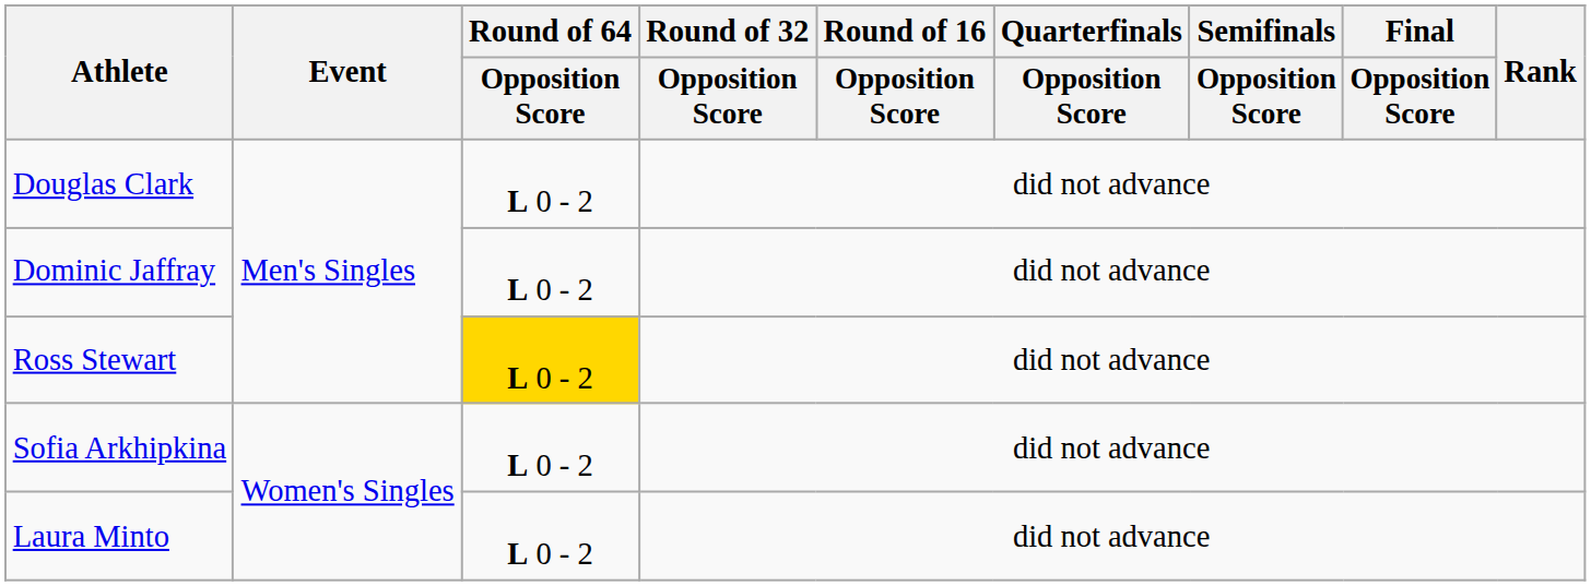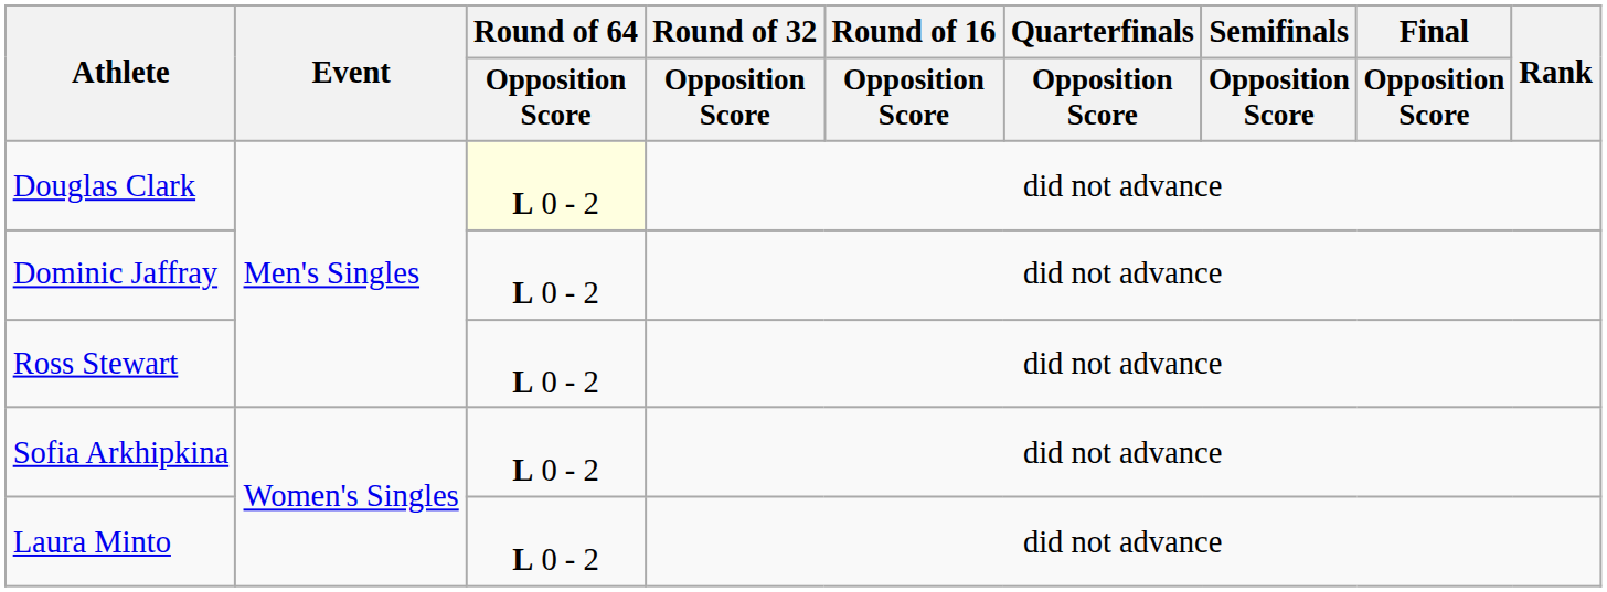 <table class=wikitable style="font-size:90%">
 <tr>
 <th rowspan="2">Athlete</th>
 <th rowspan="2">Event</th>
 <th>Round of 64</th>
 <th>Round of 32</th>
 <th>Round of 16</th>
 <th>Quarterfinals</th>
 <th>Semifinals</th>
 <th>Final</th>
 <th rowspan=2>Rank</th>
 </tr>
 <tr style="font-size:95%">
 <th>Opposition<br>Score</th>
 <th>Opposition<br>Score</th>
 <th>Opposition<br>Score</th>
 <th>Opposition<br>Score</th>
 <th>Opposition<br>Score</th>
 <th>Opposition<br>Score</th>
 </tr>
 <tr align=center>
 <td align=left><a href='#'>Douglas Clark</a></td>
 <td align=left rowspan=3><a href='#'>Men's Singles</a></td>
-<td><br><strong>L</strong> 0 - 2</td>
+<td style="background: lightyellow;"><br><strong>L</strong> 0 - 2</td>
 <td colspan=6>did not advance</td>
 </tr>
 <tr align=center>
 <td align=left><a href='#'>Dominic Jaffray</a></td>
 <td><br><strong>L</strong> 0 - 2</td>
 <td colspan=6>did not advance</td>
 </tr>
 <tr align=center>
 <td align=left><a href='#'>Ross Stewart</a></td>
-<td style="background: gold;"><br><strong>L</strong> 0 - 2</td>
+<td><br><strong>L</strong> 0 - 2</td>
 <td colspan=6>did not advance</td>
 </tr>
 <tr align=center>
 <td align=left><a href='#'>Sofia Arkhipkina</a></td>
 <td align=left rowspan=2><a href='#'>Women's Singles</a></td>
 <td><br><strong>L</strong> 0 - 2</td>
 <td colspan=6>did not advance</td>
 </tr>
 <tr align=center>
 <td align=left><a href='#'>Laura Minto</a></td>
 <td><br><strong>L</strong> 0 - 2</td>
 <td colspan=6>did not advance</td>
 </tr>
 </table>
